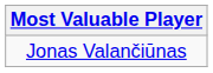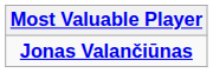 <table class=wikitable style="text-align:center; margin:auto">
 <tr>
 <th><a href='#'>Most Valuable Player</a></th>
 </tr>
 <tr>
-<td> <a href='#'>Jonas Valančiūnas</a></td>
+<td><strong> <a href='#'>Jonas Valančiūnas</a></strong></td>
 </tr>
 </table>
